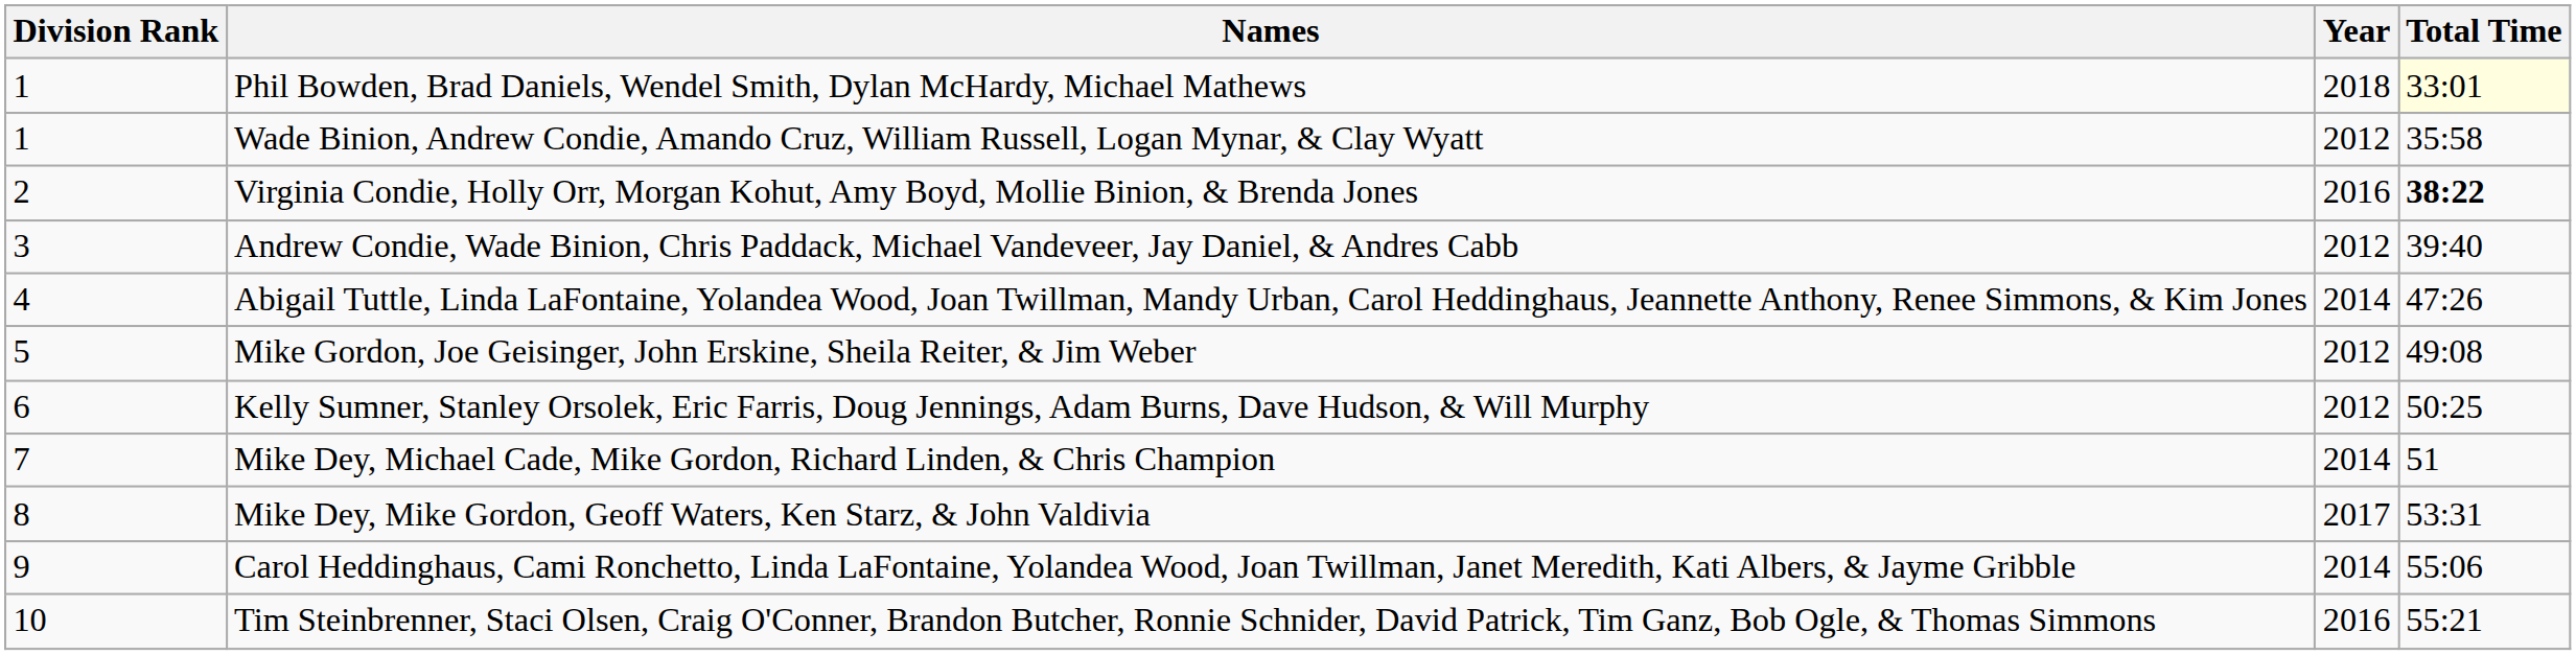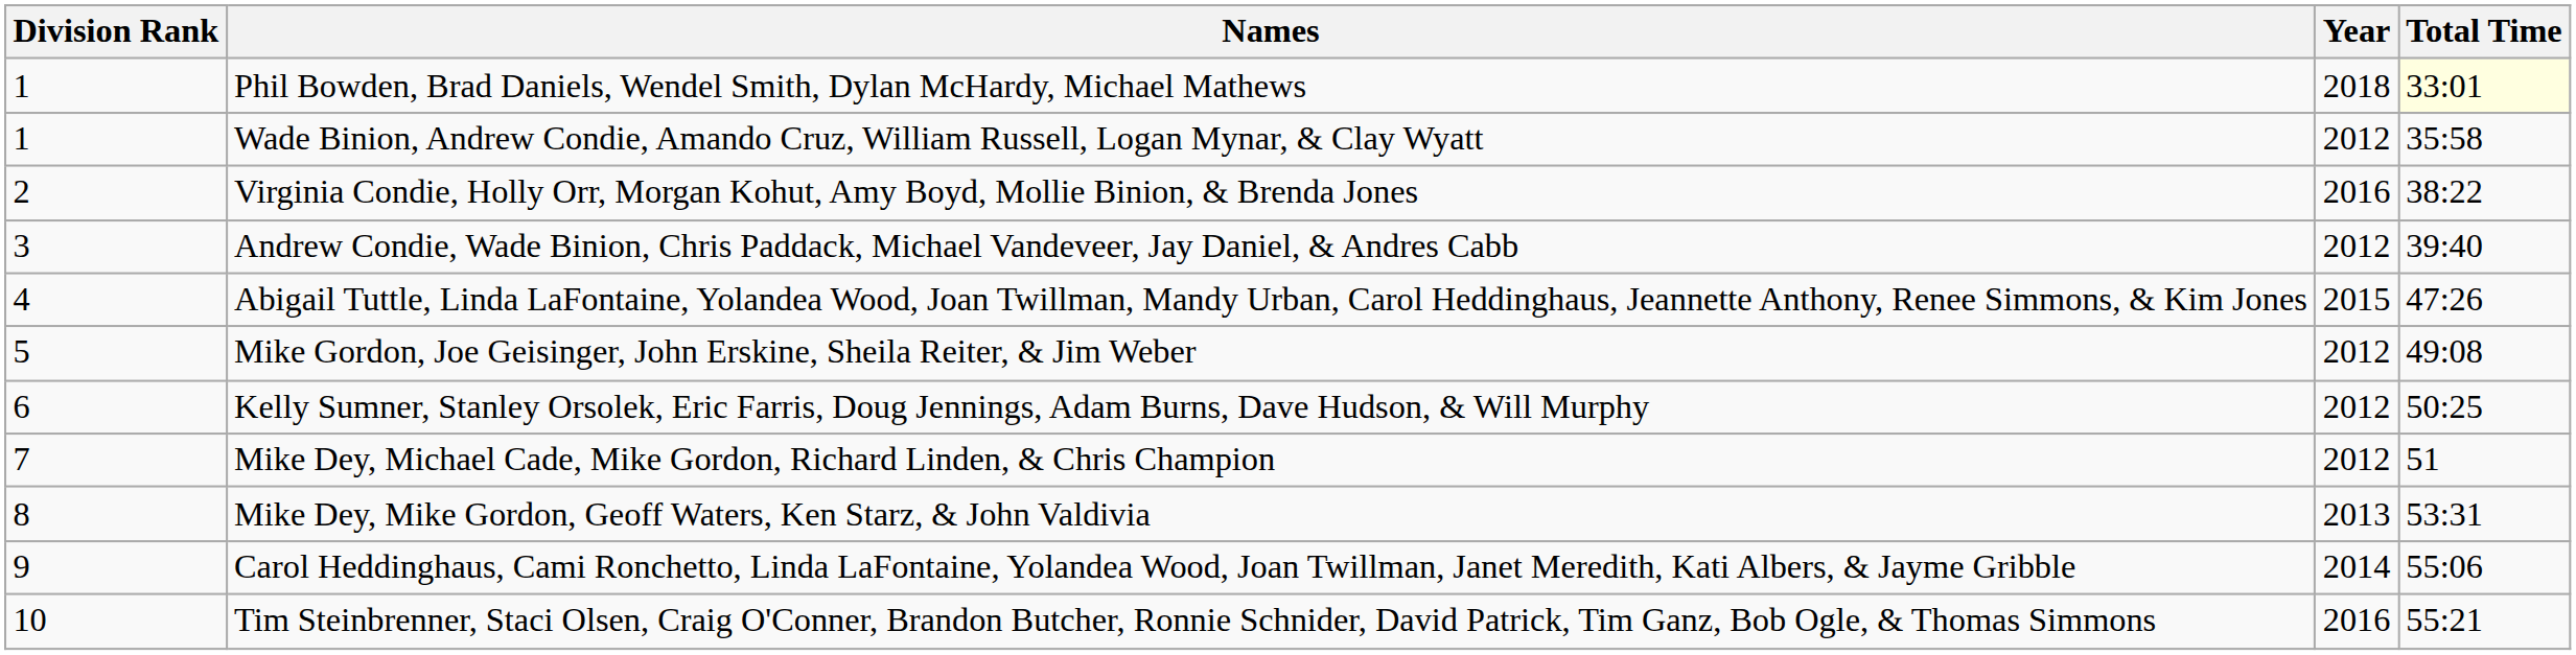 <table class="wikitable sortable">
 <tr>
 <th>Division Rank</th>
 <th>Names</th>
 <th>Year</th>
 <th>Total Time</th>
 </tr>
 <tr>
 <td>1</td>
 <td>Phil Bowden, Brad Daniels, Wendel Smith, Dylan McHardy, Michael Mathews</td>
 <td>2018</td>
 <td style="background: lightyellow;">33:01</td>
 </tr>
 <tr>
 <td>1</td>
 <td>Wade Binion, Andrew Condie, Amando Cruz, William Russell, Logan Mynar, & Clay Wyatt</td>
 <td>2012</td>
 <td>35:58</td>
 </tr>
 <tr>
 <td>2</td>
 <td>Virginia Condie, Holly Orr, Morgan Kohut, Amy Boyd, Mollie Binion, & Brenda Jones</td>
 <td>2016</td>
-<td><strong>38:22</strong></td>
+<td>38:22</td>
 </tr>
 <tr>
 <td>3</td>
 <td>Andrew Condie, Wade Binion, Chris Paddack, Michael Vandeveer, Jay Daniel, & Andres Cabb</td>
 <td>2012</td>
 <td>39:40</td>
 </tr>
 <tr>
 <td>4</td>
 <td>Abigail Tuttle, Linda LaFontaine, Yolandea Wood, Joan Twillman, Mandy Urban, Carol Heddinghaus, Jeannette Anthony, Renee Simmons, & Kim Jones</td>
-<td>2014</td>
+<td>2015</td>
 <td>47:26</td>
 </tr>
 <tr>
 <td>5</td>
 <td>Mike Gordon, Joe Geisinger, John Erskine, Sheila Reiter, & Jim Weber</td>
 <td>2012</td>
 <td>49:08</td>
 </tr>
 <tr>
 <td>6</td>
 <td>Kelly Sumner, Stanley Orsolek, Eric Farris, Doug Jennings, Adam Burns, Dave Hudson, & Will Murphy</td>
 <td>2012</td>
 <td>50:25</td>
 </tr>
 <tr>
 <td>7</td>
 <td>Mike Dey, Michael Cade, Mike Gordon, Richard Linden, & Chris Champion</td>
-<td>2014</td>
+<td>2012</td>
 <td>51</td>
 </tr>
 <tr>
 <td>8</td>
 <td>Mike Dey, Mike Gordon, Geoff Waters, Ken Starz, & John Valdivia</td>
-<td>2017</td>
+<td>2013</td>
 <td>53:31</td>
 </tr>
 <tr>
 <td>9</td>
 <td>Carol Heddinghaus, Cami Ronchetto, Linda LaFontaine, Yolandea Wood, Joan Twillman, Janet Meredith, Kati Albers, & Jayme Gribble</td>
 <td>2014</td>
 <td>55:06</td>
 </tr>
 <tr>
 <td>10</td>
 <td>Tim Steinbrenner, Staci Olsen, Craig O'Conner, Brandon Butcher, Ronnie Schnider, David Patrick, Tim Ganz, Bob Ogle, & Thomas Simmons</td>
 <td>2016</td>
 <td>55:21</td>
 </tr>
 </table>
